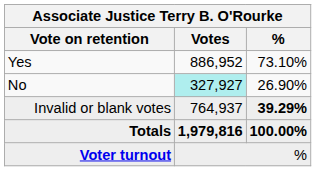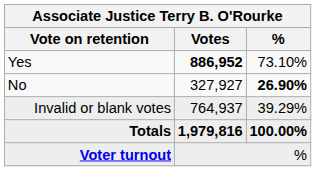 <table class="wikitable" style="font-size: 95%;">
 <tr style="background-color:#E9E9E9">
 <th colspan=7>Associate Justice Terry B. O'Rourke</th>
 </tr>
 <tr style="background-color:#E9E9E9">
 <th style="width: 170px">Vote on retention</th>
 <th style="width: 50px">Votes</th>
 <th style="width: 40px">%</th>
 </tr>
 <tr>
 <td>Yes</td>
-<td align="right">886,952</td>
+<td align="right"><strong>886,952</strong></td>
 <td align="right">73.10%</td>
 </tr>
 <tr>
 <td>No</td>
-<td align="right" style="background: paleturquoise;">327,927</td>
-<td align="right">26.90%</td>
+<td align="right">327,927</td>
+<td align="right"><strong>26.90%</strong></td>
 </tr>
 <tr bgcolor="#EEEEEE">
 <td align="right">Invalid or blank votes</td>
 <td align="right">764,937</td>
-<td align="right"><strong>39.29%</strong></td>
+<td align="right">39.29%</td>
 </tr>
 <tr bgcolor="#EEEEEE">
 <td align="right"><strong>Totals</strong></td>
 <td align="right"><strong>1,979,816</strong></td>
 <td align="right"><strong>100.00%</strong></td>
 </tr>
 <tr bgcolor="#EEEEEE">
 <td align="right"><strong><a href='#'>Voter turnout</a></strong></td>
 <td colspan="2" align="right">%</td>
 </tr>
 </table>
